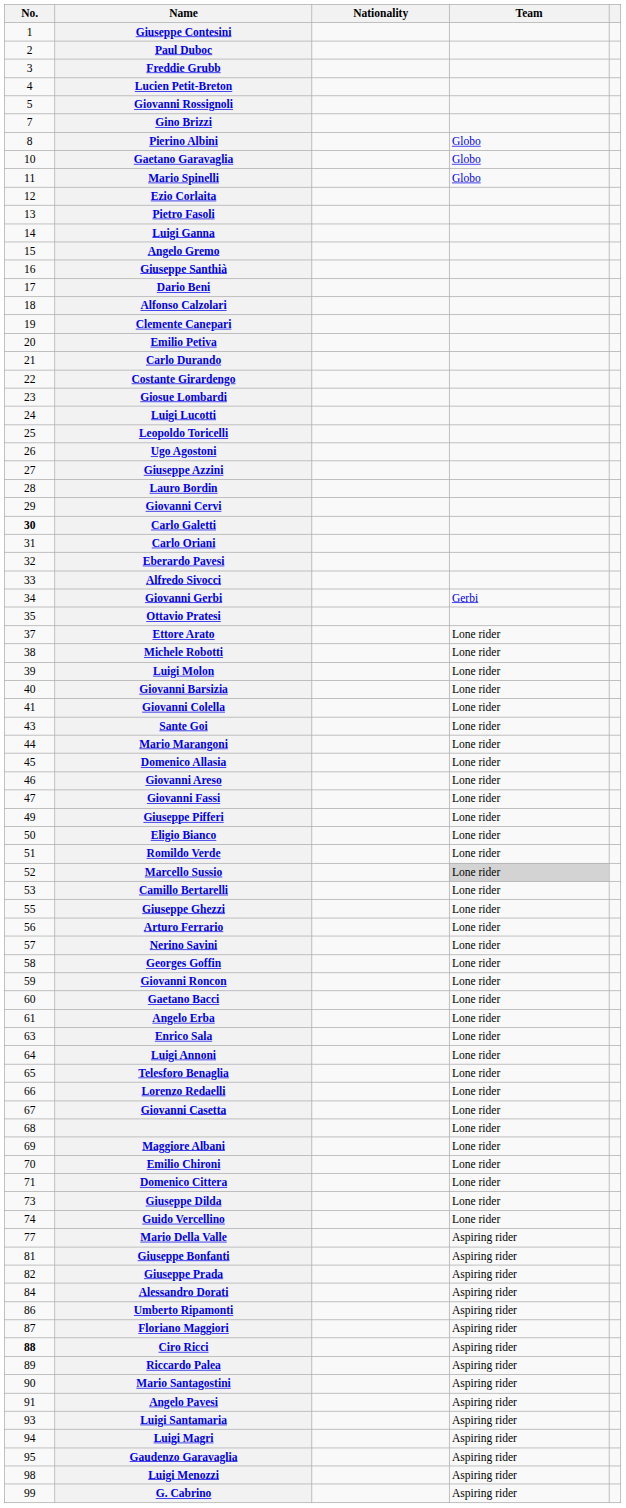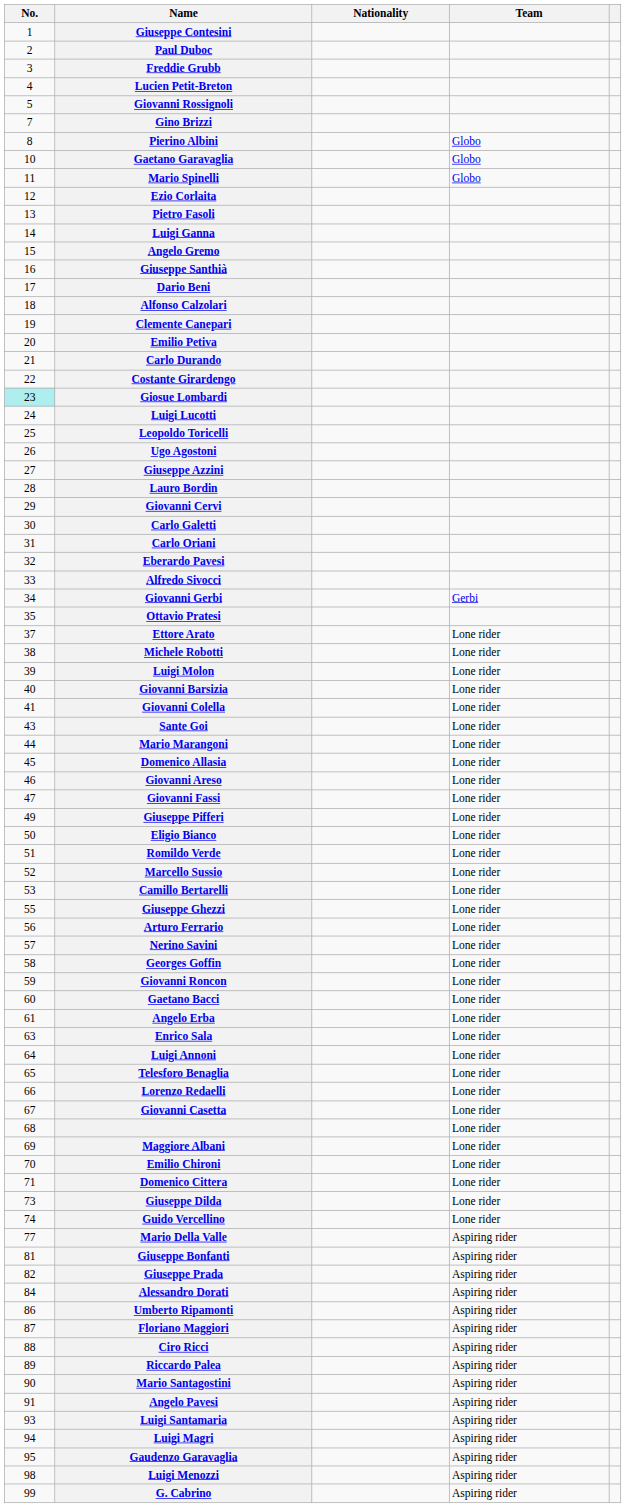 <table class="wikitable plainrowheaders sortable" style="width:97%">
 <tr>
 <th scope="col">No.</th>
 <th scope="col">Name</th>
 <th scope="col">Nationality</th>
 <th scope="col">Team</th>
 <th scope="col" class="unsortable"></th>
 </tr>
 <tr>
 <td style="text-align:center;">1</td>
 <th scope="row"><a href='#'>Giuseppe Contesini</a></th>
 <td></td>
 <td></td>
 <td style="text-align:center;"></td>
 </tr>
 <tr>
 <td style="text-align:center;">2</td>
 <th scope="row"><a href='#'>Paul Duboc</a></th>
 <td></td>
 <td></td>
 <td style="text-align:center;"></td>
 </tr>
 <tr>
 <td style="text-align:center;">3</td>
 <th scope="row"><a href='#'>Freddie Grubb</a></th>
 <td></td>
 <td></td>
 <td style="text-align:center;"></td>
 </tr>
 <tr>
 <td style="text-align:center;">4</td>
 <th scope="row"><a href='#'>Lucien Petit-Breton</a></th>
 <td></td>
 <td></td>
 <td style="text-align:center;"></td>
 </tr>
 <tr>
 <td style="text-align:center;">5</td>
 <th scope="row"><a href='#'>Giovanni Rossignoli</a></th>
 <td></td>
 <td></td>
 <td style="text-align:center;"></td>
 </tr>
 <tr>
 <td style="text-align:center;">7</td>
 <th scope="row"><a href='#'>Gino Brizzi</a></th>
 <td></td>
 <td></td>
 <td style="text-align:center;"></td>
 </tr>
 <tr>
 <td style="text-align:center;">8</td>
 <th scope="row"><a href='#'>Pierino Albini</a></th>
 <td></td>
 <td><a href='#'>Globo</a></td>
 <td style="text-align:center;"></td>
 </tr>
 <tr>
 <td style="text-align:center;">10</td>
 <th scope="row"><a href='#'>Gaetano Garavaglia</a></th>
 <td></td>
 <td><a href='#'>Globo</a></td>
 <td style="text-align:center;"></td>
 </tr>
 <tr>
 <td style="text-align:center;">11</td>
 <th scope="row"><a href='#'>Mario Spinelli</a></th>
 <td></td>
 <td><a href='#'>Globo</a></td>
 <td style="text-align:center;"></td>
 </tr>
 <tr>
 <td style="text-align:center;">12</td>
 <th scope="row"><a href='#'>Ezio Corlaita</a></th>
 <td></td>
 <td></td>
 <td style="text-align:center;"></td>
 </tr>
 <tr>
 <td style="text-align:center;">13</td>
 <th scope="row"><a href='#'>Pietro Fasoli</a></th>
 <td></td>
 <td></td>
 <td style="text-align:center;"></td>
 </tr>
 <tr>
 <td style="text-align:center;">14</td>
 <th scope="row"><a href='#'>Luigi Ganna</a></th>
 <td></td>
 <td></td>
 <td style="text-align:center;"></td>
 </tr>
 <tr>
 <td style="text-align:center;">15</td>
 <th scope="row"><a href='#'>Angelo Gremo</a></th>
 <td></td>
 <td></td>
 <td style="text-align:center;"></td>
 </tr>
 <tr>
 <td style="text-align:center;">16</td>
 <th scope="row"><a href='#'>Giuseppe Santhià</a></th>
 <td></td>
 <td></td>
 <td style="text-align:center;"></td>
 </tr>
 <tr>
 <td style="text-align:center;">17</td>
 <th scope="row"><a href='#'>Dario Beni</a></th>
 <td></td>
 <td></td>
 <td style="text-align:center;"></td>
 </tr>
 <tr>
 <td style="text-align:center;">18</td>
 <th scope="row"><a href='#'>Alfonso Calzolari</a></th>
 <td></td>
 <td></td>
 <td style="text-align:center;"></td>
 </tr>
 <tr>
 <td style="text-align:center;">19</td>
 <th scope="row"><a href='#'>Clemente Canepari</a></th>
 <td></td>
 <td></td>
 <td style="text-align:center;"></td>
 </tr>
 <tr>
 <td style="text-align:center;">20</td>
 <th scope="row"><a href='#'>Emilio Petiva</a></th>
 <td></td>
 <td></td>
 <td style="text-align:center;"></td>
 </tr>
 <tr>
 <td style="text-align:center;">21</td>
 <th scope="row"><a href='#'>Carlo Durando</a></th>
 <td></td>
 <td></td>
 <td style="text-align:center;"></td>
 </tr>
 <tr>
 <td style="text-align:center;">22</td>
 <th scope="row"><a href='#'>Costante Girardengo</a></th>
 <td></td>
 <td></td>
 <td style="text-align:center;"></td>
 </tr>
 <tr>
-<td style="text-align:center;">23</td>
+<td style="background: paleturquoise; text-align:center;">23</td>
 <th scope="row"><a href='#'>Giosue Lombardi</a></th>
 <td></td>
 <td></td>
 <td style="text-align:center;"></td>
 </tr>
 <tr>
 <td style="text-align:center;">24</td>
 <th scope="row"><a href='#'>Luigi Lucotti</a></th>
 <td></td>
 <td></td>
 <td style="text-align:center;"></td>
 </tr>
 <tr>
 <td style="text-align:center;">25</td>
 <th scope="row"><a href='#'>Leopoldo Toricelli</a></th>
 <td></td>
 <td></td>
 <td style="text-align:center;"></td>
 </tr>
 <tr>
 <td style="text-align:center;">26</td>
 <th scope="row"><a href='#'>Ugo Agostoni</a></th>
 <td></td>
 <td></td>
 <td style="text-align:center;"></td>
 </tr>
 <tr>
 <td style="text-align:center;">27</td>
 <th scope="row"><a href='#'>Giuseppe Azzini</a></th>
 <td></td>
 <td></td>
 <td style="text-align:center;"></td>
 </tr>
 <tr>
 <td style="text-align:center;">28</td>
 <th scope="row"><a href='#'>Lauro Bordin</a></th>
 <td></td>
 <td></td>
 <td style="text-align:center;"></td>
 </tr>
 <tr>
 <td style="text-align:center;">29</td>
 <th scope="row"><a href='#'>Giovanni Cervi</a></th>
 <td></td>
 <td></td>
 <td style="text-align:center;"></td>
 </tr>
 <tr>
-<td style="text-align:center;"><strong>30</strong></td>
+<td style="text-align:center;">30</td>
 <th scope="row"><a href='#'>Carlo Galetti</a></th>
 <td></td>
 <td></td>
 <td style="text-align:center;"></td>
 </tr>
 <tr>
 <td style="text-align:center;">31</td>
 <th scope="row"><a href='#'>Carlo Oriani</a></th>
 <td></td>
 <td></td>
 <td style="text-align:center;"></td>
 </tr>
 <tr>
 <td style="text-align:center;">32</td>
 <th scope="row"><a href='#'>Eberardo Pavesi</a></th>
 <td></td>
 <td></td>
 <td style="text-align:center;"></td>
 </tr>
 <tr>
 <td style="text-align:center;">33</td>
 <th scope="row"><a href='#'>Alfredo Sivocci</a></th>
 <td></td>
 <td></td>
 <td style="text-align:center;"></td>
 </tr>
 <tr>
 <td style="text-align:center;">34</td>
 <th scope="row"><a href='#'>Giovanni Gerbi</a></th>
 <td></td>
 <td><a href='#'>Gerbi</a></td>
 <td style="text-align:center;"></td>
 </tr>
 <tr>
 <td style="text-align:center;">35</td>
 <th scope="row"><a href='#'>Ottavio Pratesi</a></th>
 <td></td>
 <td></td>
 <td style="text-align:center;"></td>
 </tr>
 <tr>
 <td style="text-align:center;">37</td>
 <th scope="row"><a href='#'>Ettore Arato</a></th>
 <td></td>
 <td>Lone rider</td>
 <td style="text-align:center;"></td>
 </tr>
 <tr>
 <td style="text-align:center;">38</td>
 <th scope="row"><a href='#'>Michele Robotti</a></th>
 <td></td>
 <td>Lone rider</td>
 <td style="text-align:center;"></td>
 </tr>
 <tr>
 <td style="text-align:center;">39</td>
 <th scope="row"><a href='#'>Luigi Molon</a></th>
 <td></td>
 <td>Lone rider</td>
 <td style="text-align:center;"></td>
 </tr>
 <tr>
 <td style="text-align:center;">40</td>
 <th scope="row"><a href='#'>Giovanni Barsizia</a></th>
 <td></td>
 <td>Lone rider</td>
 <td style="text-align:center;"></td>
 </tr>
 <tr>
 <td style="text-align:center;">41</td>
 <th scope="row"><a href='#'>Giovanni Colella</a></th>
 <td></td>
 <td>Lone rider</td>
 <td style="text-align:center;"></td>
 </tr>
 <tr>
 <td style="text-align:center;">43</td>
 <th scope="row"><a href='#'>Sante Goi</a></th>
 <td></td>
 <td>Lone rider</td>
 <td style="text-align:center;"></td>
 </tr>
 <tr>
 <td style="text-align:center;">44</td>
 <th scope="row"><a href='#'>Mario Marangoni</a></th>
 <td></td>
 <td>Lone rider</td>
 <td style="text-align:center;"></td>
 </tr>
 <tr>
 <td style="text-align:center;">45</td>
 <th scope="row"><a href='#'>Domenico Allasia</a></th>
 <td></td>
 <td>Lone rider</td>
 <td style="text-align:center;"></td>
 </tr>
 <tr>
 <td style="text-align:center;">46</td>
 <th scope="row"><a href='#'>Giovanni Areso</a></th>
 <td></td>
 <td>Lone rider</td>
 <td style="text-align:center;"></td>
 </tr>
 <tr>
 <td style="text-align:center;">47</td>
 <th scope="row"><a href='#'>Giovanni Fassi</a></th>
 <td></td>
 <td>Lone rider</td>
 <td style="text-align:center;"></td>
 </tr>
 <tr>
 <td style="text-align:center;">49</td>
 <th scope="row"><a href='#'>Giuseppe Pifferi</a></th>
 <td></td>
 <td>Lone rider</td>
 <td style="text-align:center;"></td>
 </tr>
 <tr>
 <td style="text-align:center;">50</td>
 <th scope="row"><a href='#'>Eligio Bianco</a></th>
 <td></td>
 <td>Lone rider</td>
 <td style="text-align:center;"></td>
 </tr>
 <tr>
 <td style="text-align:center;">51</td>
 <th scope="row"><a href='#'>Romildo Verde</a></th>
 <td></td>
 <td>Lone rider</td>
 <td style="text-align:center;"></td>
 </tr>
 <tr>
 <td style="text-align:center;">52</td>
 <th scope="row"><a href='#'>Marcello Sussio</a></th>
 <td></td>
-<td style="background: lightgrey;">Lone rider</td>
+<td>Lone rider</td>
 <td style="text-align:center;"></td>
 </tr>
 <tr>
 <td style="text-align:center;">53</td>
 <th scope="row"><a href='#'>Camillo Bertarelli</a></th>
 <td></td>
 <td>Lone rider</td>
 <td style="text-align:center;"></td>
 </tr>
 <tr>
 <td style="text-align:center;">55</td>
 <th scope="row"><a href='#'>Giuseppe Ghezzi</a></th>
 <td></td>
 <td>Lone rider</td>
 <td style="text-align:center;"></td>
 </tr>
 <tr>
 <td style="text-align:center;">56</td>
 <th scope="row"><a href='#'>Arturo Ferrario</a></th>
 <td></td>
 <td>Lone rider</td>
 <td style="text-align:center;"></td>
 </tr>
 <tr>
 <td style="text-align:center;">57</td>
 <th scope="row"><a href='#'>Nerino Savini</a></th>
 <td></td>
 <td>Lone rider</td>
 <td style="text-align:center;"></td>
 </tr>
 <tr>
 <td style="text-align:center;">58</td>
 <th scope="row"><a href='#'>Georges Goffin</a></th>
 <td></td>
 <td>Lone rider</td>
 <td style="text-align:center;"></td>
 </tr>
 <tr>
 <td style="text-align:center;">59</td>
 <th scope="row"><a href='#'>Giovanni Roncon</a></th>
 <td></td>
 <td>Lone rider</td>
 <td style="text-align:center;"></td>
 </tr>
 <tr>
 <td style="text-align:center;">60</td>
 <th scope="row"><a href='#'>Gaetano Bacci</a></th>
 <td></td>
 <td>Lone rider</td>
 <td style="text-align:center;"></td>
 </tr>
 <tr>
 <td style="text-align:center;">61</td>
 <th scope="row"><a href='#'>Angelo Erba</a></th>
 <td></td>
 <td>Lone rider</td>
 <td style="text-align:center;"></td>
 </tr>
 <tr>
 <td style="text-align:center;">63</td>
 <th scope="row"><a href='#'>Enrico Sala</a></th>
 <td></td>
 <td>Lone rider</td>
 <td style="text-align:center;"></td>
 </tr>
 <tr>
 <td style="text-align:center;">64</td>
 <th scope="row"><a href='#'>Luigi Annoni</a></th>
 <td></td>
 <td>Lone rider</td>
 <td style="text-align:center;"></td>
 </tr>
 <tr>
 <td style="text-align:center;">65</td>
 <th scope="row"><a href='#'>Telesforo Benaglia</a></th>
 <td></td>
 <td>Lone rider</td>
 <td style="text-align:center;"></td>
 </tr>
 <tr>
 <td style="text-align:center;">66</td>
 <th scope="row"><a href='#'>Lorenzo Redaelli</a></th>
 <td></td>
 <td>Lone rider</td>
 <td style="text-align:center;"></td>
 </tr>
 <tr>
 <td style="text-align:center;">67</td>
 <th scope="row"><a href='#'>Giovanni Casetta</a></th>
 <td></td>
 <td>Lone rider</td>
 <td style="text-align:center;"></td>
 </tr>
 <tr>
 <td style="text-align:center;">68</td>
 <th scope="row"></th>
 <td></td>
 <td>Lone rider</td>
 <td style="text-align:center;"></td>
 </tr>
 <tr>
 <td style="text-align:center;">69</td>
 <th scope="row"><a href='#'>Maggiore Albani</a></th>
 <td></td>
 <td>Lone rider</td>
 <td style="text-align:center;"></td>
 </tr>
 <tr>
 <td style="text-align:center;">70</td>
 <th scope="row"><a href='#'>Emilio Chironi</a></th>
 <td></td>
 <td>Lone rider</td>
 <td style="text-align:center;"></td>
 </tr>
 <tr>
 <td style="text-align:center;">71</td>
 <th scope="row"><a href='#'>Domenico Cittera</a></th>
 <td></td>
 <td>Lone rider</td>
 <td style="text-align:center;"></td>
 </tr>
 <tr>
 <td style="text-align:center;">73</td>
 <th scope="row"><a href='#'>Giuseppe Dilda</a></th>
 <td></td>
 <td>Lone rider</td>
 <td style="text-align:center;"></td>
 </tr>
 <tr>
 <td style="text-align:center;">74</td>
 <th scope="row"><a href='#'>Guido Vercellino</a></th>
 <td></td>
 <td>Lone rider</td>
 <td style="text-align:center;"></td>
 </tr>
 <tr>
 <td style="text-align:center;">77</td>
 <th scope="row"><a href='#'>Mario Della Valle</a></th>
 <td></td>
 <td>Aspiring rider</td>
 <td style="text-align:center;"></td>
 </tr>
 <tr>
 <td style="text-align:center;">81</td>
 <th scope="row"><a href='#'>Giuseppe Bonfanti</a></th>
 <td></td>
 <td>Aspiring rider</td>
 <td style="text-align:center;"></td>
 </tr>
 <tr>
 <td style="text-align:center;">82</td>
 <th scope="row"><a href='#'>Giuseppe Prada</a></th>
 <td></td>
 <td>Aspiring rider</td>
 <td style="text-align:center;"></td>
 </tr>
 <tr>
 <td style="text-align:center;">84</td>
 <th scope="row"><a href='#'>Alessandro Dorati</a></th>
 <td></td>
 <td>Aspiring rider</td>
 <td style="text-align:center;"></td>
 </tr>
 <tr>
 <td style="text-align:center;">86</td>
 <th scope="row"><a href='#'>Umberto Ripamonti</a></th>
 <td></td>
 <td>Aspiring rider</td>
 <td style="text-align:center;"></td>
 </tr>
 <tr>
 <td style="text-align:center;">87</td>
 <th scope="row"><a href='#'>Floriano Maggiori</a></th>
 <td></td>
 <td>Aspiring rider</td>
 <td style="text-align:center;"></td>
 </tr>
 <tr>
-<td style="text-align:center;"><strong>88</strong></td>
+<td style="text-align:center;">88</td>
 <th scope="row"><a href='#'>Ciro Ricci</a></th>
 <td></td>
 <td>Aspiring rider</td>
 <td style="text-align:center;"></td>
 </tr>
 <tr>
 <td style="text-align:center;">89</td>
 <th scope="row"><a href='#'>Riccardo Palea</a></th>
 <td></td>
 <td>Aspiring rider</td>
 <td style="text-align:center;"></td>
 </tr>
 <tr>
 <td style="text-align:center;">90</td>
 <th scope="row"><a href='#'>Mario Santagostini</a></th>
 <td></td>
 <td>Aspiring rider</td>
 <td style="text-align:center;"></td>
 </tr>
 <tr>
 <td style="text-align:center;">91</td>
 <th scope="row"><a href='#'>Angelo Pavesi</a></th>
 <td></td>
 <td>Aspiring rider</td>
 <td style="text-align:center;"></td>
 </tr>
 <tr>
 <td style="text-align:center;">93</td>
 <th scope="row"><a href='#'>Luigi Santamaria</a></th>
 <td></td>
 <td>Aspiring rider</td>
 <td style="text-align:center;"></td>
 </tr>
 <tr>
 <td style="text-align:center;">94</td>
 <th scope="row"><a href='#'>Luigi Magri</a></th>
 <td></td>
 <td>Aspiring rider</td>
 <td style="text-align:center;"></td>
 </tr>
 <tr>
 <td style="text-align:center;">95</td>
 <th scope="row"><a href='#'>Gaudenzo Garavaglia</a></th>
 <td></td>
 <td>Aspiring rider</td>
 <td style="text-align:center;"></td>
 </tr>
 <tr>
 <td style="text-align:center;">98</td>
 <th scope="row"><a href='#'>Luigi Menozzi</a></th>
 <td></td>
 <td>Aspiring rider</td>
 <td style="text-align:center;"></td>
 </tr>
 <tr>
 <td style="text-align:center;">99</td>
 <th scope="row"><a href='#'>G. Cabrino</a></th>
 <td></td>
 <td>Aspiring rider</td>
 <td style="text-align:center;"></td>
 </tr>
 </table>
